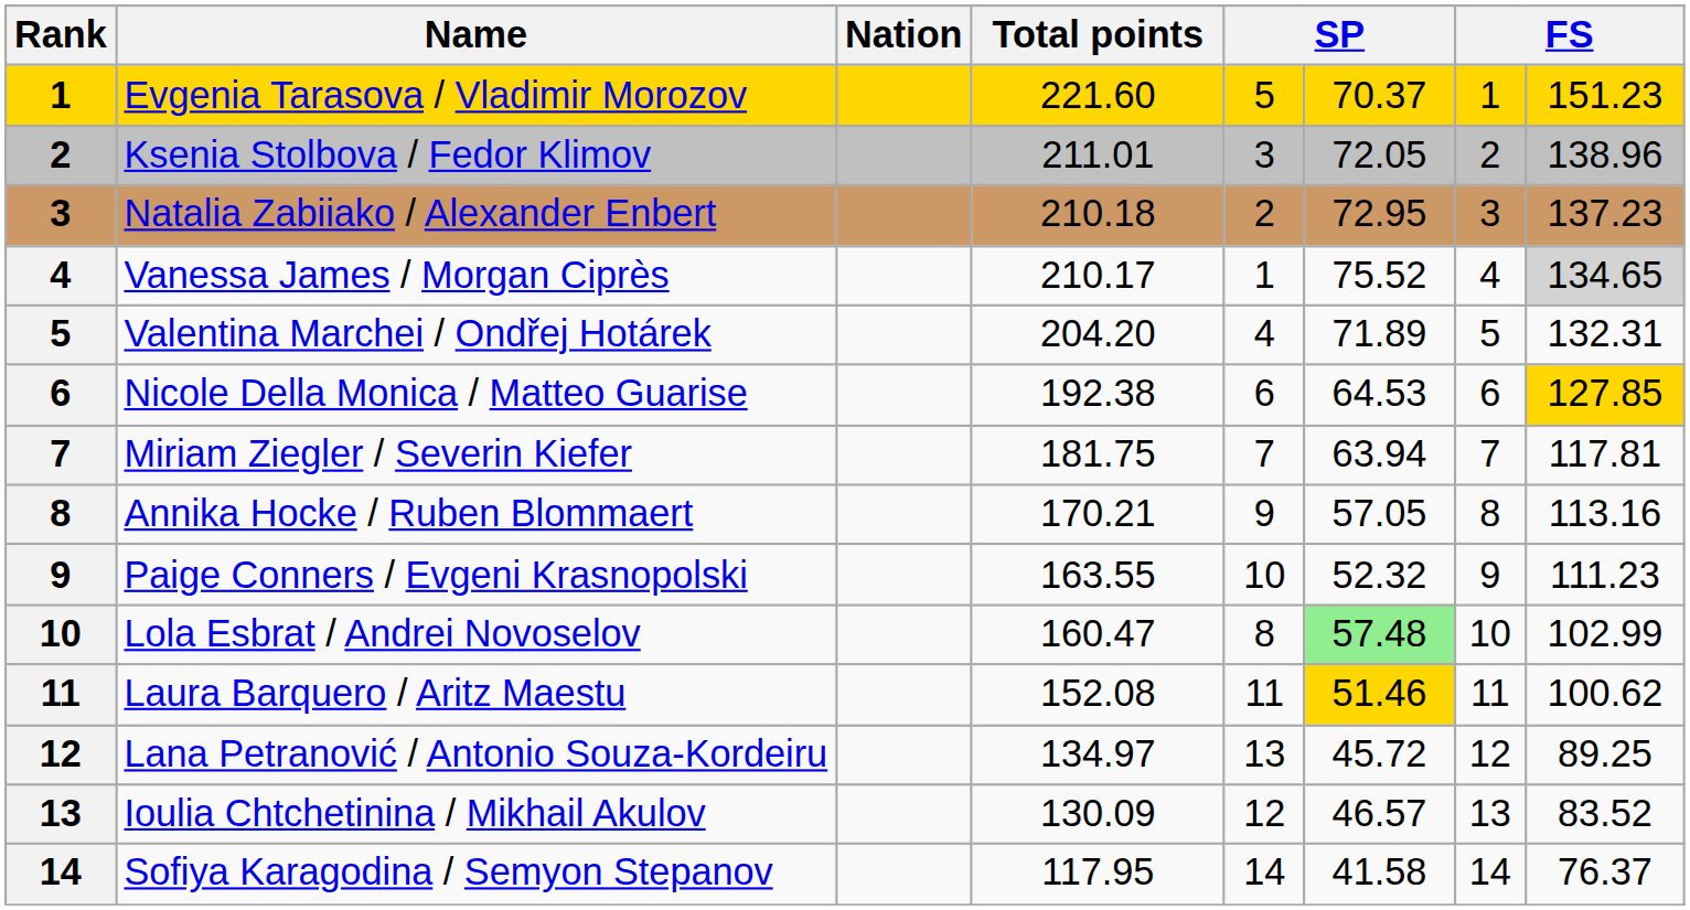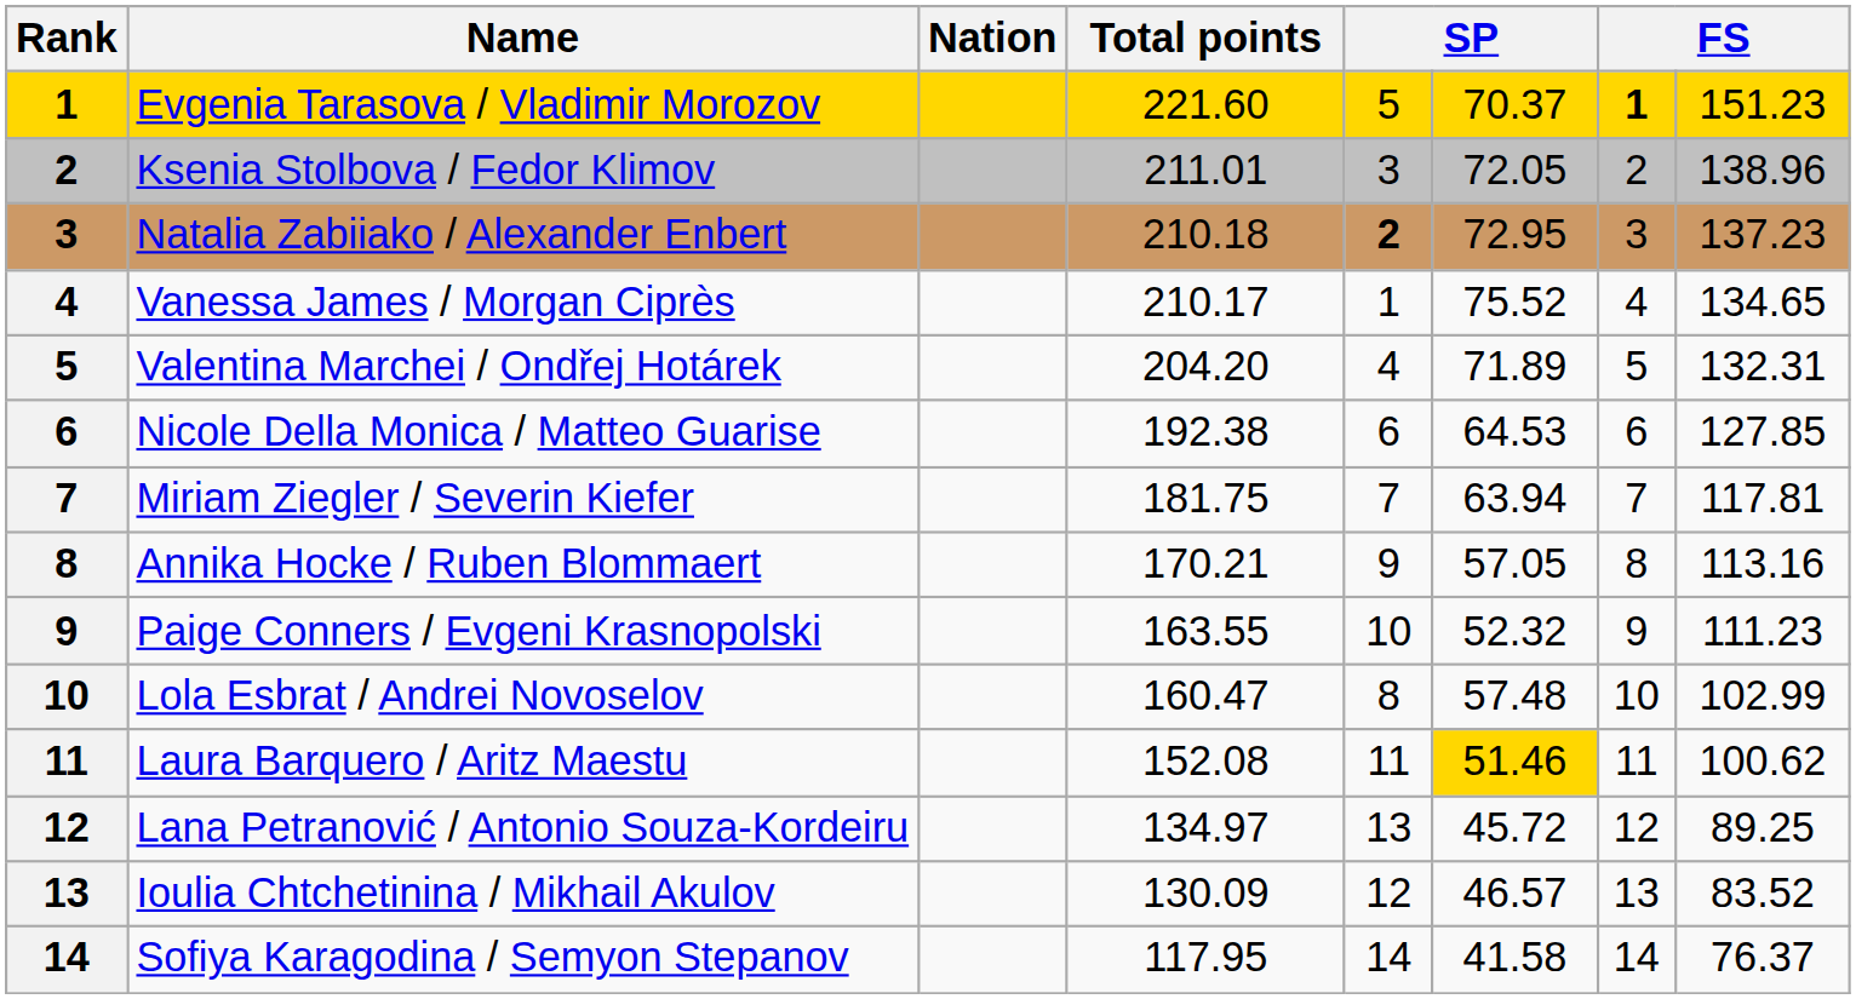 <table class="wikitable sortable">
 <tr>
 <th>Rank</th>
 <th>Name</th>
 <th>Nation</th>
 <th width="100px">Total points</th>
 <th colspan="2" width="90px"><a href='#'>SP</a></th>
 <th colspan="2" width="90px"><a href='#'>FS</a></th>
 </tr>
 <tr bgcolor="gold">
 <td align="center" bgcolor="gold"><strong>1</strong></td>
 <td><a href='#'>Evgenia Tarasova</a> / <a href='#'>Vladimir Morozov</a></td>
 <td></td>
 <td align="center">221.60</td>
 <td align="center">5</td>
 <td align="center">70.37</td>
-<td align="center">1</td>
+<td align="center"><strong>1</strong></td>
 <td align="center">151.23</td>
 </tr>
 <tr bgcolor="silver">
 <td align="center" bgcolor="silver"><strong>2</strong></td>
 <td><a href='#'>Ksenia Stolbova</a> / <a href='#'>Fedor Klimov</a></td>
 <td></td>
 <td align="center">211.01</td>
 <td align="center">3</td>
 <td align="center">72.05</td>
 <td align="center">2</td>
 <td align="center">138.96</td>
 </tr>
 <tr bgcolor="#cc9966">
 <td align="center" bgcolor="#cc9966"><strong>3</strong></td>
 <td><a href='#'>Natalia Zabiiako</a> / <a href='#'>Alexander Enbert</a></td>
 <td></td>
 <td align="center">210.18</td>
-<td align="center">2</td>
+<td align="center"><strong>2</strong></td>
 <td align="center">72.95</td>
 <td align="center">3</td>
 <td align="center">137.23</td>
 </tr>
 <tr>
 <th>4</th>
 <td><a href='#'>Vanessa James</a> / <a href='#'>Morgan Ciprès</a></td>
 <td></td>
 <td align="center">210.17</td>
 <td align="center">1</td>
 <td align="center">75.52</td>
 <td align="center">4</td>
-<td align="center" style="background: lightgrey;">134.65</td>
+<td align="center">134.65</td>
 </tr>
 <tr>
 <th>5</th>
 <td><a href='#'>Valentina Marchei</a> / <a href='#'>Ondřej Hotárek</a></td>
 <td></td>
 <td align="center">204.20</td>
 <td align="center">4</td>
 <td align="center">71.89</td>
 <td align="center">5</td>
 <td align="center">132.31</td>
 </tr>
 <tr>
 <th>6</th>
 <td><a href='#'>Nicole Della Monica</a> / <a href='#'>Matteo Guarise</a></td>
 <td></td>
 <td align="center">192.38</td>
 <td align="center">6</td>
 <td align="center">64.53</td>
 <td align="center">6</td>
-<td align="center" style="background: gold;">127.85</td>
+<td align="center">127.85</td>
 </tr>
 <tr>
 <th>7</th>
 <td><a href='#'>Miriam Ziegler</a> / <a href='#'>Severin Kiefer</a></td>
 <td></td>
 <td align="center">181.75</td>
 <td align="center">7</td>
 <td align="center">63.94</td>
 <td align="center">7</td>
 <td align="center">117.81</td>
 </tr>
 <tr>
 <th>8</th>
 <td><a href='#'>Annika Hocke</a> / <a href='#'>Ruben Blommaert</a></td>
 <td></td>
 <td align="center">170.21</td>
 <td align="center">9</td>
 <td align="center">57.05</td>
 <td align="center">8</td>
 <td align="center">113.16</td>
 </tr>
 <tr>
 <th>9</th>
 <td><a href='#'>Paige Conners</a> / <a href='#'>Evgeni Krasnopolski</a></td>
 <td></td>
 <td align="center">163.55</td>
 <td align="center">10</td>
 <td align="center">52.32</td>
 <td align="center">9</td>
 <td align="center">111.23</td>
 </tr>
 <tr>
 <th>10</th>
 <td><a href='#'>Lola Esbrat</a> / <a href='#'>Andrei Novoselov</a></td>
 <td></td>
 <td align="center">160.47</td>
 <td align="center">8</td>
-<td align="center" style="background: lightgreen;">57.48</td>
+<td align="center">57.48</td>
 <td align="center">10</td>
 <td align="center">102.99</td>
 </tr>
 <tr>
 <th>11</th>
 <td><a href='#'>Laura Barquero</a> / <a href='#'>Aritz Maestu</a></td>
 <td></td>
 <td align="center">152.08</td>
 <td align="center">11</td>
 <td align="center" style="background: gold;">51.46</td>
 <td align="center">11</td>
 <td align="center">100.62</td>
 </tr>
 <tr>
 <th>12</th>
 <td><a href='#'>Lana Petranović</a> / <a href='#'>Antonio Souza-Kordeiru</a></td>
 <td></td>
 <td align="center">134.97</td>
 <td align="center">13</td>
 <td align="center">45.72</td>
 <td align="center">12</td>
 <td align="center">89.25</td>
 </tr>
 <tr>
 <th>13</th>
 <td><a href='#'>Ioulia Chtchetinina</a> / <a href='#'>Mikhail Akulov</a></td>
 <td></td>
 <td align="center">130.09</td>
 <td align="center">12</td>
 <td align="center">46.57</td>
 <td align="center">13</td>
 <td align="center">83.52</td>
 </tr>
 <tr>
 <th>14</th>
 <td><a href='#'>Sofiya Karagodina</a> / <a href='#'>Semyon Stepanov</a></td>
 <td></td>
 <td align="center">117.95</td>
 <td align="center">14</td>
 <td align="center">41.58</td>
 <td align="center">14</td>
 <td align="center">76.37</td>
 </tr>
 </table>
